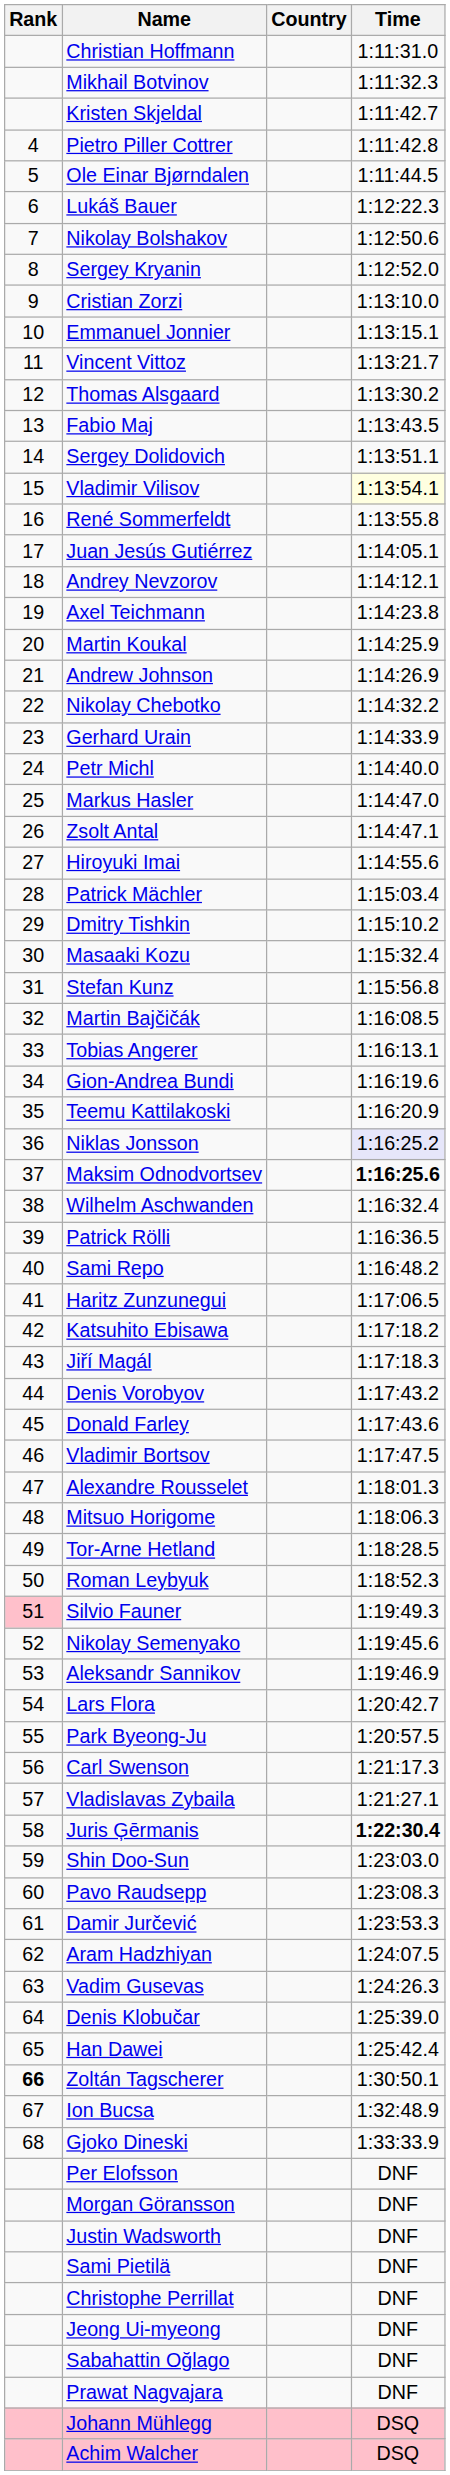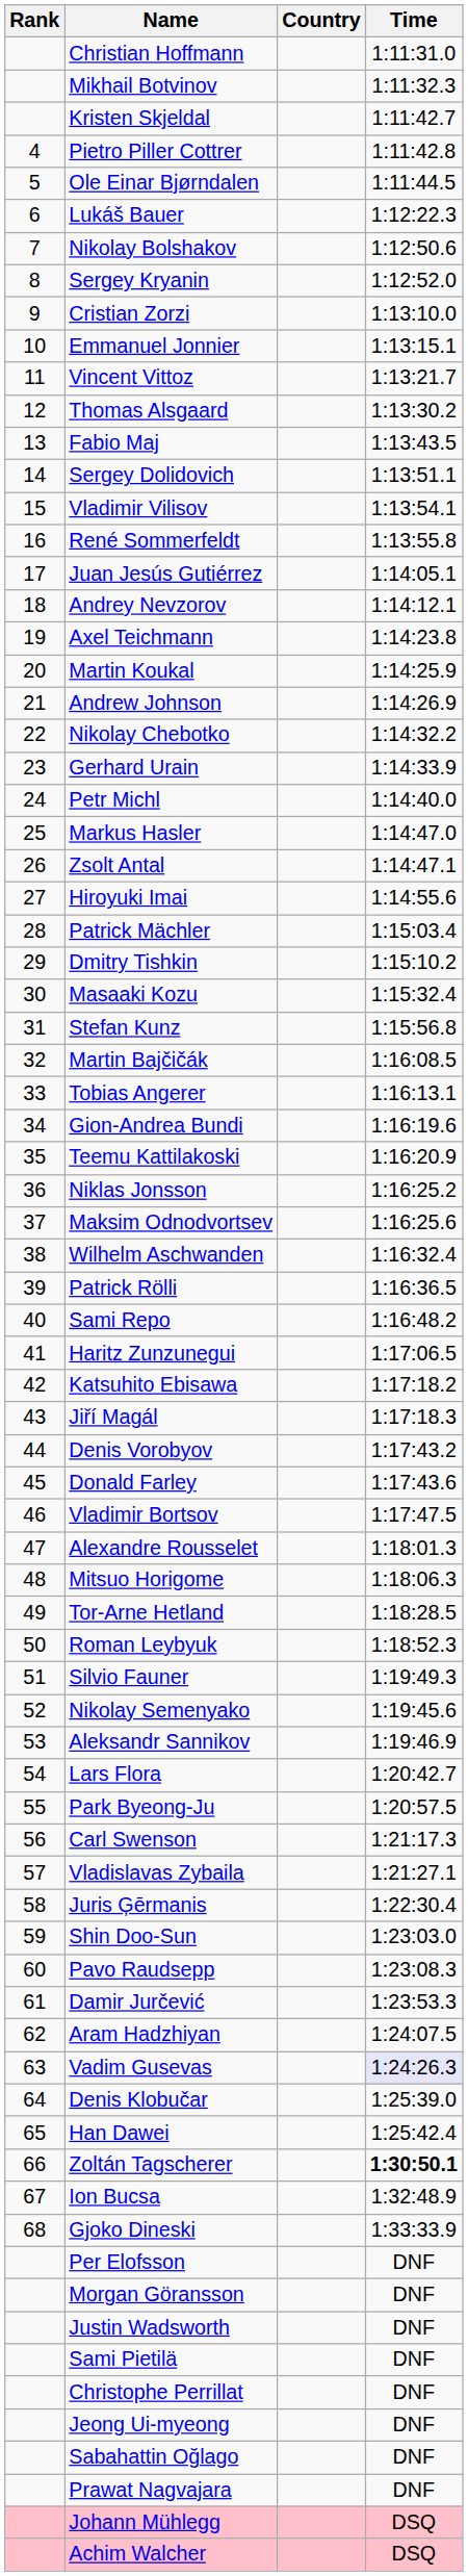 <table class="wikitable sortable" style="text-align:center">
 <tr>
 <th>Rank</th>
 <th>Name</th>
 <th>Country</th>
 <th>Time</th>
 </tr>
 <tr>
 <td></td>
 <td align="left"><a href='#'>Christian Hoffmann</a></td>
 <td align="left"></td>
 <td>1:11:31.0</td>
 </tr>
 <tr>
 <td></td>
 <td align="left"><a href='#'>Mikhail Botvinov</a></td>
 <td align="left"></td>
 <td>1:11:32.3</td>
 </tr>
 <tr>
 <td></td>
 <td align="left"><a href='#'>Kristen Skjeldal</a></td>
 <td align="left"></td>
 <td>1:11:42.7</td>
 </tr>
 <tr>
 <td>4</td>
 <td align="left"><a href='#'>Pietro Piller Cottrer</a></td>
 <td align="left"></td>
 <td>1:11:42.8</td>
 </tr>
 <tr>
 <td>5</td>
 <td align="left"><a href='#'>Ole Einar Bjørndalen</a></td>
 <td align="left"></td>
 <td>1:11:44.5</td>
 </tr>
 <tr>
 <td>6</td>
 <td align="left"><a href='#'>Lukáš Bauer</a></td>
 <td align="left"></td>
 <td>1:12:22.3</td>
 </tr>
 <tr>
 <td>7</td>
 <td align="left"><a href='#'>Nikolay Bolshakov</a></td>
 <td align="left"></td>
 <td>1:12:50.6</td>
 </tr>
 <tr>
 <td>8</td>
 <td align="left"><a href='#'>Sergey Kryanin</a></td>
 <td align="left"></td>
 <td>1:12:52.0</td>
 </tr>
 <tr>
 <td>9</td>
 <td align="left"><a href='#'>Cristian Zorzi</a></td>
 <td align="left"></td>
 <td>1:13:10.0</td>
 </tr>
 <tr>
 <td>10</td>
 <td align="left"><a href='#'>Emmanuel Jonnier</a></td>
 <td align="left"></td>
 <td>1:13:15.1</td>
 </tr>
 <tr>
 <td>11</td>
 <td align="left"><a href='#'>Vincent Vittoz</a></td>
 <td align="left"></td>
 <td>1:13:21.7</td>
 </tr>
 <tr>
 <td>12</td>
 <td align="left"><a href='#'>Thomas Alsgaard</a></td>
 <td align="left"></td>
 <td>1:13:30.2</td>
 </tr>
 <tr>
 <td>13</td>
 <td align="left"><a href='#'>Fabio Maj</a></td>
 <td align="left"></td>
 <td>1:13:43.5</td>
 </tr>
 <tr>
 <td>14</td>
 <td align="left"><a href='#'>Sergey Dolidovich</a></td>
 <td align="left"></td>
 <td>1:13:51.1</td>
 </tr>
 <tr>
 <td>15</td>
 <td align="left"><a href='#'>Vladimir Vilisov</a></td>
 <td align="left"></td>
-<td style="background: lightyellow;">1:13:54.1</td>
+<td>1:13:54.1</td>
 </tr>
 <tr>
 <td>16</td>
 <td align="left"><a href='#'>René Sommerfeldt</a></td>
 <td align="left"></td>
 <td>1:13:55.8</td>
 </tr>
 <tr>
 <td>17</td>
 <td align="left"><a href='#'>Juan Jesús Gutiérrez</a></td>
 <td align="left"></td>
 <td>1:14:05.1</td>
 </tr>
 <tr>
 <td>18</td>
 <td align="left"><a href='#'>Andrey Nevzorov</a></td>
 <td align="left"></td>
 <td>1:14:12.1</td>
 </tr>
 <tr>
 <td>19</td>
 <td align="left"><a href='#'>Axel Teichmann</a></td>
 <td align="left"></td>
 <td>1:14:23.8</td>
 </tr>
 <tr>
 <td>20</td>
 <td align="left"><a href='#'>Martin Koukal</a></td>
 <td align="left"></td>
 <td>1:14:25.9</td>
 </tr>
 <tr>
 <td>21</td>
 <td align="left"><a href='#'>Andrew Johnson</a></td>
 <td align="left"></td>
 <td>1:14:26.9</td>
 </tr>
 <tr>
 <td>22</td>
 <td align="left"><a href='#'>Nikolay Chebotko</a></td>
 <td align="left"></td>
 <td>1:14:32.2</td>
 </tr>
 <tr>
 <td>23</td>
 <td align="left"><a href='#'>Gerhard Urain</a></td>
 <td align="left"></td>
 <td>1:14:33.9</td>
 </tr>
 <tr>
 <td>24</td>
 <td align="left"><a href='#'>Petr Michl</a></td>
 <td align="left"></td>
 <td>1:14:40.0</td>
 </tr>
 <tr>
 <td>25</td>
 <td align="left"><a href='#'>Markus Hasler</a></td>
 <td align="left"></td>
 <td>1:14:47.0</td>
 </tr>
 <tr>
 <td>26</td>
 <td align="left"><a href='#'>Zsolt Antal</a></td>
 <td align="left"></td>
 <td>1:14:47.1</td>
 </tr>
 <tr>
 <td>27</td>
 <td align="left"><a href='#'>Hiroyuki Imai</a></td>
 <td align="left"></td>
 <td>1:14:55.6</td>
 </tr>
 <tr>
 <td>28</td>
 <td align="left"><a href='#'>Patrick Mächler</a></td>
 <td align="left"></td>
 <td>1:15:03.4</td>
 </tr>
 <tr>
 <td>29</td>
 <td align="left"><a href='#'>Dmitry Tishkin</a></td>
 <td align="left"></td>
 <td>1:15:10.2</td>
 </tr>
 <tr>
 <td>30</td>
 <td align="left"><a href='#'>Masaaki Kozu</a></td>
 <td align="left"></td>
 <td>1:15:32.4</td>
 </tr>
 <tr>
 <td>31</td>
 <td align="left"><a href='#'>Stefan Kunz</a></td>
 <td align="left"></td>
 <td>1:15:56.8</td>
 </tr>
 <tr>
 <td>32</td>
 <td align="left"><a href='#'>Martin Bajčičák</a></td>
 <td align="left"></td>
 <td>1:16:08.5</td>
 </tr>
 <tr>
 <td>33</td>
 <td align="left"><a href='#'>Tobias Angerer</a></td>
 <td align="left"></td>
 <td>1:16:13.1</td>
 </tr>
 <tr>
 <td>34</td>
 <td align="left"><a href='#'>Gion-Andrea Bundi</a></td>
 <td align="left"></td>
 <td>1:16:19.6</td>
 </tr>
 <tr>
 <td>35</td>
 <td align="left"><a href='#'>Teemu Kattilakoski</a></td>
 <td align="left"></td>
 <td>1:16:20.9</td>
 </tr>
 <tr>
 <td>36</td>
 <td align="left"><a href='#'>Niklas Jonsson</a></td>
 <td align="left"></td>
-<td style="background: lavender;">1:16:25.2</td>
+<td>1:16:25.2</td>
 </tr>
 <tr>
 <td>37</td>
 <td align="left"><a href='#'>Maksim Odnodvortsev</a></td>
 <td align="left"></td>
-<td><strong>1:16:25.6</strong></td>
+<td>1:16:25.6</td>
 </tr>
 <tr>
 <td>38</td>
 <td align="left"><a href='#'>Wilhelm Aschwanden</a></td>
 <td align="left"></td>
 <td>1:16:32.4</td>
 </tr>
 <tr>
 <td>39</td>
 <td align="left"><a href='#'>Patrick Rölli</a></td>
 <td align="left"></td>
 <td>1:16:36.5</td>
 </tr>
 <tr>
 <td>40</td>
 <td align="left"><a href='#'>Sami Repo</a></td>
 <td align="left"></td>
 <td>1:16:48.2</td>
 </tr>
 <tr>
 <td>41</td>
 <td align="left"><a href='#'>Haritz Zunzunegui</a></td>
 <td align="left"></td>
 <td>1:17:06.5</td>
 </tr>
 <tr>
 <td>42</td>
 <td align="left"><a href='#'>Katsuhito Ebisawa</a></td>
 <td align="left"></td>
 <td>1:17:18.2</td>
 </tr>
 <tr>
 <td>43</td>
 <td align="left"><a href='#'>Jiří Magál</a></td>
 <td align="left"></td>
 <td>1:17:18.3</td>
 </tr>
 <tr>
 <td>44</td>
 <td align="left"><a href='#'>Denis Vorobyov</a></td>
 <td align="left"></td>
 <td>1:17:43.2</td>
 </tr>
 <tr>
 <td>45</td>
 <td align="left"><a href='#'>Donald Farley</a></td>
 <td align="left"></td>
 <td>1:17:43.6</td>
 </tr>
 <tr>
 <td>46</td>
 <td align="left"><a href='#'>Vladimir Bortsov</a></td>
 <td align="left"></td>
 <td>1:17:47.5</td>
 </tr>
 <tr>
 <td>47</td>
 <td align="left"><a href='#'>Alexandre Rousselet</a></td>
 <td align="left"></td>
 <td>1:18:01.3</td>
 </tr>
 <tr>
 <td>48</td>
 <td align="left"><a href='#'>Mitsuo Horigome</a></td>
 <td align="left"></td>
 <td>1:18:06.3</td>
 </tr>
 <tr>
 <td>49</td>
 <td align="left"><a href='#'>Tor-Arne Hetland</a></td>
 <td align="left"></td>
 <td>1:18:28.5</td>
 </tr>
 <tr>
 <td>50</td>
 <td align="left"><a href='#'>Roman Leybyuk</a></td>
 <td align="left"></td>
 <td>1:18:52.3</td>
 </tr>
 <tr>
-<td style="background: pink;">51</td>
+<td>51</td>
 <td align="left"><a href='#'>Silvio Fauner</a></td>
 <td align="left"></td>
 <td>1:19:49.3</td>
 </tr>
 <tr>
 <td>52</td>
 <td align="left"><a href='#'>Nikolay Semenyako</a></td>
 <td align="left"></td>
 <td>1:19:45.6</td>
 </tr>
 <tr>
 <td>53</td>
 <td align="left"><a href='#'>Aleksandr Sannikov</a></td>
 <td align="left"></td>
 <td>1:19:46.9</td>
 </tr>
 <tr>
 <td>54</td>
 <td align="left"><a href='#'>Lars Flora</a></td>
 <td align="left"></td>
 <td>1:20:42.7</td>
 </tr>
 <tr>
 <td>55</td>
 <td align="left"><a href='#'>Park Byeong-Ju</a></td>
 <td align="left"></td>
 <td>1:20:57.5</td>
 </tr>
 <tr>
 <td>56</td>
 <td align="left"><a href='#'>Carl Swenson</a></td>
 <td align="left"></td>
 <td>1:21:17.3</td>
 </tr>
 <tr>
 <td>57</td>
 <td align="left"><a href='#'>Vladislavas Zybaila</a></td>
 <td align="left"></td>
 <td>1:21:27.1</td>
 </tr>
 <tr>
 <td>58</td>
 <td align="left"><a href='#'>Juris Ģērmanis</a></td>
 <td align="left"></td>
-<td><strong>1:22:30.4</strong></td>
+<td>1:22:30.4</td>
 </tr>
 <tr>
 <td>59</td>
 <td align="left"><a href='#'>Shin Doo-Sun</a></td>
 <td align="left"></td>
 <td>1:23:03.0</td>
 </tr>
 <tr>
 <td>60</td>
 <td align="left"><a href='#'>Pavo Raudsepp</a></td>
 <td align="left"></td>
 <td>1:23:08.3</td>
 </tr>
 <tr>
 <td>61</td>
 <td align="left"><a href='#'>Damir Jurčević</a></td>
 <td align="left"></td>
 <td>1:23:53.3</td>
 </tr>
 <tr>
 <td>62</td>
 <td align="left"><a href='#'>Aram Hadzhiyan</a></td>
 <td align="left"></td>
 <td>1:24:07.5</td>
 </tr>
 <tr>
 <td>63</td>
 <td align="left"><a href='#'>Vadim Gusevas</a></td>
 <td align="left"></td>
-<td>1:24:26.3</td>
+<td style="background: lavender;">1:24:26.3</td>
 </tr>
 <tr>
 <td>64</td>
 <td align="left"><a href='#'>Denis Klobučar</a></td>
 <td align="left"></td>
 <td>1:25:39.0</td>
 </tr>
 <tr>
 <td>65</td>
 <td align="left"><a href='#'>Han Dawei</a></td>
 <td align="left"></td>
 <td>1:25:42.4</td>
 </tr>
 <tr>
-<td><strong>66</strong></td>
+<td>66</td>
 <td align="left"><a href='#'>Zoltán Tagscherer</a></td>
 <td align="left"></td>
-<td>1:30:50.1</td>
+<td><strong>1:30:50.1</strong></td>
 </tr>
 <tr>
 <td>67</td>
 <td align="left"><a href='#'>Ion Bucsa</a></td>
 <td align="left"></td>
 <td>1:32:48.9</td>
 </tr>
 <tr>
 <td>68</td>
 <td align="left"><a href='#'>Gjoko Dineski</a></td>
 <td align="left"></td>
 <td>1:33:33.9</td>
 </tr>
 <tr>
 <td></td>
 <td align="left"><a href='#'>Per Elofsson</a></td>
 <td align="left"></td>
 <td>DNF</td>
 </tr>
 <tr>
 <td></td>
 <td align="left"><a href='#'>Morgan Göransson</a></td>
 <td align="left"></td>
 <td>DNF</td>
 </tr>
 <tr>
 <td></td>
 <td align="left"><a href='#'>Justin Wadsworth</a></td>
 <td align="left"></td>
 <td>DNF</td>
 </tr>
 <tr>
 <td></td>
 <td align="left"><a href='#'>Sami Pietilä</a></td>
 <td align="left"></td>
 <td>DNF</td>
 </tr>
 <tr>
 <td></td>
 <td align="left"><a href='#'>Christophe Perrillat</a></td>
 <td align="left"></td>
 <td>DNF</td>
 </tr>
 <tr>
 <td></td>
 <td align="left"><a href='#'>Jeong Ui-myeong</a></td>
 <td align="left"></td>
 <td>DNF</td>
 </tr>
 <tr>
 <td></td>
 <td align="left"><a href='#'>Sabahattin Oğlago</a></td>
 <td align="left"></td>
 <td>DNF</td>
 </tr>
 <tr>
 <td></td>
 <td align="left"><a href='#'>Prawat Nagvajara</a></td>
 <td align="left"></td>
 <td>DNF</td>
 </tr>
 <tr bgcolor=pink>
 <td></td>
 <td align="left"><a href='#'>Johann Mühlegg</a></td>
 <td align="left"></td>
 <td>DSQ</td>
 </tr>
 <tr bgcolor=pink>
 <td></td>
 <td align="left"><a href='#'>Achim Walcher</a></td>
 <td align="left"></td>
 <td>DSQ</td>
 </tr>
 </table>
